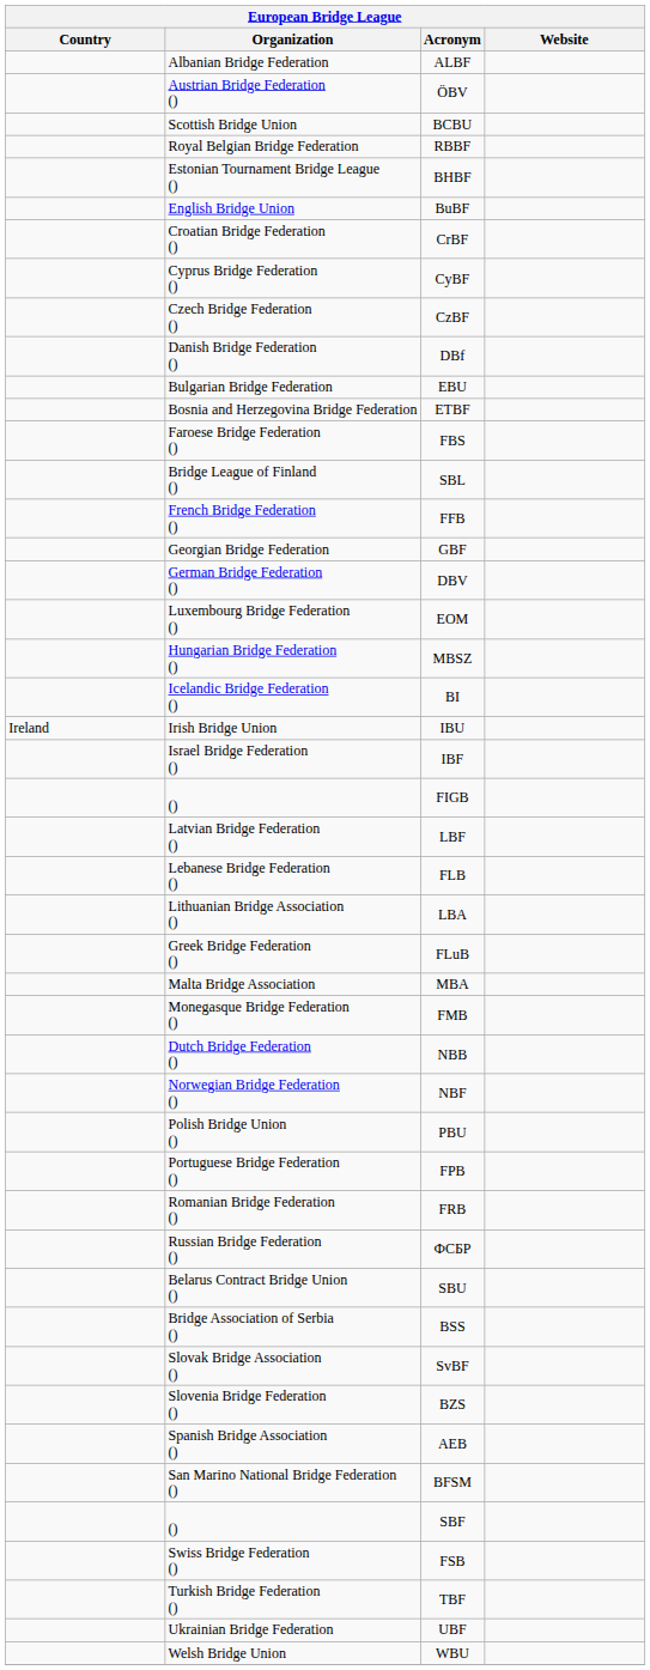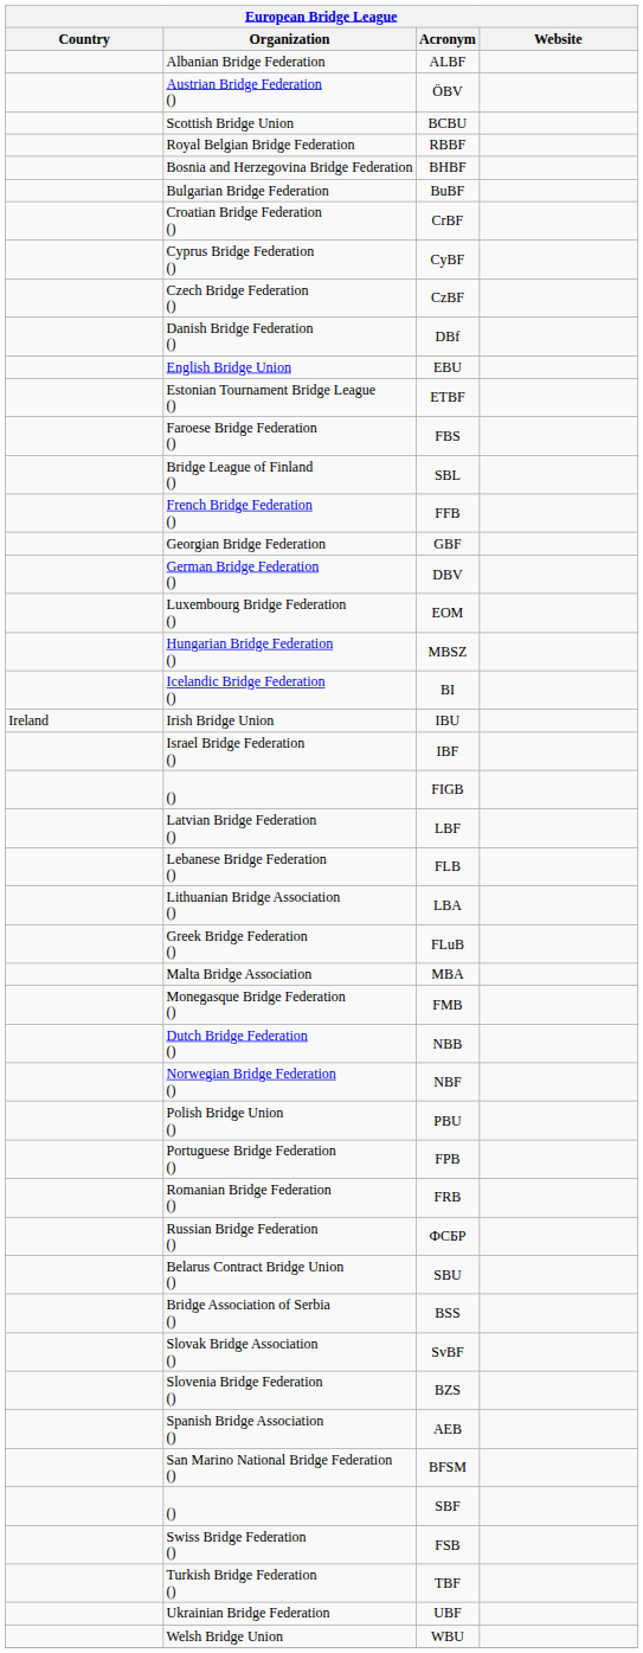 <table class="wikitable">
 <tr>
 <th colspan=5><a href='#'>European Bridge League</a></th>
 </tr>
 <tr>
 <th width="25%">Country</th>
 <th width="40%">Organization</th>
 <th width="10%">Acronym</th>
 <th width="25%">Website</th>
 </tr>
 <tr>
 <td></td>
 <td>Albanian Bridge Federation</td>
 <td align=center>ALBF</td>
 <td></td>
 </tr>
 <tr>
 <td></td>
 <td><a href='#'>Austrian Bridge Federation</a><br>()</td>
 <td align=center>ÖBV</td>
 <td></td>
 </tr>
 <tr>
 <td></td>
 <td>Scottish Bridge Union</td>
 <td align=center>BCBU</td>
 <td></td>
 </tr>
 <tr>
 <td></td>
 <td>Royal Belgian Bridge Federation</td>
 <td align=center>RBBF</td>
 <td></td>
 </tr>
 <tr>
 <td></td>
-<td>Estonian Tournament Bridge League<br>()</td>
+<td>Bosnia and Herzegovina Bridge Federation</td>
 <td align=center>BHBF</td>
 <td></td>
 </tr>
 <tr>
 <td></td>
-<td><a href='#'>English Bridge Union</a></td>
+<td>Bulgarian Bridge Federation</td>
 <td align=center>BuBF</td>
 <td></td>
 </tr>
 <tr>
 <td></td>
 <td>Croatian Bridge Federation<br>()</td>
 <td align=center>CrBF</td>
 <td></td>
 </tr>
 <tr>
 <td></td>
 <td>Cyprus Bridge Federation<br>()</td>
 <td align=center>CyBF</td>
 <td></td>
 </tr>
 <tr>
 <td></td>
 <td>Czech Bridge Federation<br>()</td>
 <td align=center>CzBF</td>
 <td></td>
 </tr>
 <tr>
 <td></td>
 <td>Danish Bridge Federation<br>()</td>
 <td align=center>DBf</td>
 <td></td>
 </tr>
 <tr>
 <td></td>
-<td>Bulgarian Bridge Federation</td>
+<td><a href='#'>English Bridge Union</a></td>
 <td align=center>EBU</td>
 <td></td>
 </tr>
 <tr>
 <td></td>
-<td>Bosnia and Herzegovina Bridge Federation</td>
+<td>Estonian Tournament Bridge League<br>()</td>
 <td align=center>ETBF</td>
 <td></td>
 </tr>
 <tr>
 <td></td>
 <td>Faroese Bridge Federation<br>()</td>
 <td align=center>FBS</td>
 <td></td>
 </tr>
 <tr>
 <td></td>
 <td>Bridge League of Finland<br>()</td>
 <td align=center>SBL</td>
 <td></td>
 </tr>
 <tr>
 <td></td>
 <td><a href='#'>French Bridge Federation</a><br>()</td>
 <td align=center>FFB</td>
 <td></td>
 </tr>
 <tr>
 <td></td>
 <td>Georgian Bridge Federation</td>
 <td align=center>GBF</td>
 <td></td>
 </tr>
 <tr>
 <td></td>
 <td><a href='#'>German Bridge Federation</a><br>()</td>
 <td align=center>DBV</td>
 <td></td>
 </tr>
 <tr>
 <td></td>
 <td>Luxembourg Bridge Federation<br>()</td>
 <td align=center>ΕΟΜ</td>
 <td></td>
 </tr>
 <tr>
 <td></td>
 <td><a href='#'>Hungarian Bridge Federation</a><br>()</td>
 <td align=center>MBSZ</td>
 <td></td>
 </tr>
 <tr>
 <td></td>
 <td><a href='#'>Icelandic Bridge Federation</a><br>()</td>
 <td align=center>BI</td>
 <td></td>
 </tr>
 <tr>
 <td>Ireland</td>
 <td>Irish Bridge Union</td>
 <td align=center>IBU</td>
 <td></td>
 </tr>
 <tr>
 <td></td>
 <td>Israel Bridge Federation<br>()</td>
 <td align=center>IBF</td>
 <td></td>
 </tr>
 <tr>
 <td></td>
 <td><br>()</td>
 <td align=center>FIGB</td>
 <td></td>
 </tr>
 <tr>
 <td></td>
 <td>Latvian Bridge Federation<br>()</td>
 <td align=center>LBF</td>
 <td></td>
 </tr>
 <tr>
 <td></td>
 <td>Lebanese Bridge Federation<br>()</td>
 <td align=center>FLB</td>
 <td></td>
 </tr>
 <tr>
 <td></td>
 <td>Lithuanian Bridge Association<br>()</td>
 <td align=center>LBA</td>
 <td></td>
 </tr>
 <tr>
 <td></td>
 <td>Greek Bridge Federation<br>()</td>
 <td align=center>FLuB</td>
 <td></td>
 </tr>
 <tr>
 <td></td>
 <td>Malta Bridge Association</td>
 <td align=center>MBA</td>
 <td></td>
 </tr>
 <tr>
 <td></td>
 <td>Monegasque Bridge Federation<br>()</td>
 <td align=center>FMB</td>
 <td></td>
 </tr>
 <tr>
 <td></td>
 <td><a href='#'>Dutch Bridge Federation</a><br>()</td>
 <td align=center>NBB</td>
 <td></td>
 </tr>
 <tr>
 <td></td>
 <td><a href='#'>Norwegian Bridge Federation</a><br>()</td>
 <td align=center>NBF</td>
 <td></td>
 </tr>
 <tr>
 <td></td>
 <td>Polish Bridge Union<br>()</td>
 <td align=center>PBU</td>
 <td></td>
 </tr>
 <tr>
 <td></td>
 <td>Portuguese Bridge Federation<br>()</td>
 <td align=center>FPB</td>
 <td></td>
 </tr>
 <tr>
 <td></td>
 <td>Romanian Bridge Federation<br>()</td>
 <td align=center>FRB</td>
 <td></td>
 </tr>
 <tr>
 <td></td>
 <td>Russian Bridge Federation<br>()</td>
 <td align=center>ФСБР</td>
 <td></td>
 </tr>
 <tr>
 <td></td>
 <td>Belarus Contract Bridge Union<br>()</td>
 <td align=center>SBU</td>
 <td></td>
 </tr>
 <tr>
 <td></td>
 <td>Bridge Association of Serbia<br>()</td>
 <td align=center>BSS</td>
 <td></td>
 </tr>
 <tr>
 <td></td>
 <td>Slovak Bridge Association<br>()</td>
 <td align=center>SvBF</td>
 <td></td>
 </tr>
 <tr>
 <td></td>
 <td>Slovenia Bridge Federation<br>()</td>
 <td align=center>BZS</td>
 <td></td>
 </tr>
 <tr>
 <td></td>
 <td>Spanish Bridge Association<br>()</td>
 <td align=center>AEB</td>
 <td></td>
 </tr>
 <tr>
 <td></td>
 <td>San Marino National Bridge Federation<br>()</td>
 <td align=center>BFSM</td>
 <td></td>
 </tr>
 <tr>
 <td></td>
 <td><br>()</td>
 <td align=center>SBF</td>
 <td></td>
 </tr>
 <tr>
 <td></td>
 <td>Swiss Bridge Federation<br>()</td>
 <td align=center>FSB</td>
 <td></td>
 </tr>
 <tr>
 <td></td>
 <td>Turkish Bridge Federation<br>()</td>
 <td align=center>TBF</td>
 <td></td>
 </tr>
 <tr>
 <td></td>
 <td>Ukrainian Bridge Federation</td>
 <td align=center>UBF</td>
 <td></td>
 </tr>
 <tr>
 <td></td>
 <td>Welsh Bridge Union</td>
 <td align=center>WBU</td>
 <td></td>
 </tr>
 <tr>
 </tr>
 </table>
